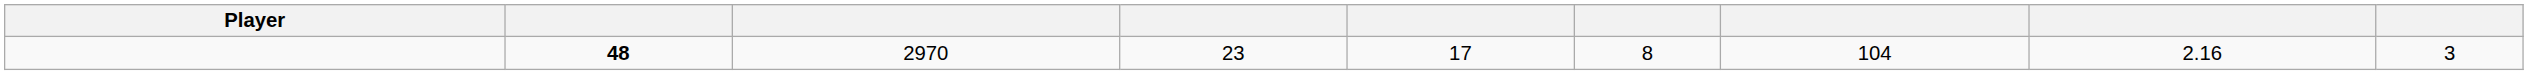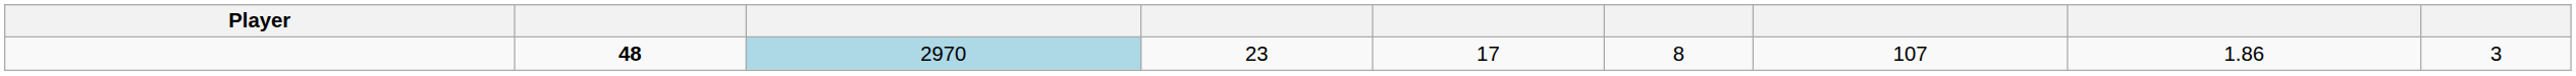 <table class="wikitable sortable" style="width:100%;">
 <tr style="text-align:center; background:#ddd;">
 <th>Player</th>
 <th></th>
 <th></th>
 <th></th>
 <th></th>
 <th></th>
 <th></th>
 <th></th>
 <th></th>
 </tr>
 <tr align=center>
 <td></td>
 <td><strong>48</strong></td>
-<td>2970</td>
+<td style="background: lightblue;">2970</td>
 <td>23</td>
 <td>17</td>
 <td>8</td>
-<td>104</td>
-<td>2.16</td>
+<td>107</td>
+<td>1.86</td>
 <td>3</td>
 </tr>
 </table>
